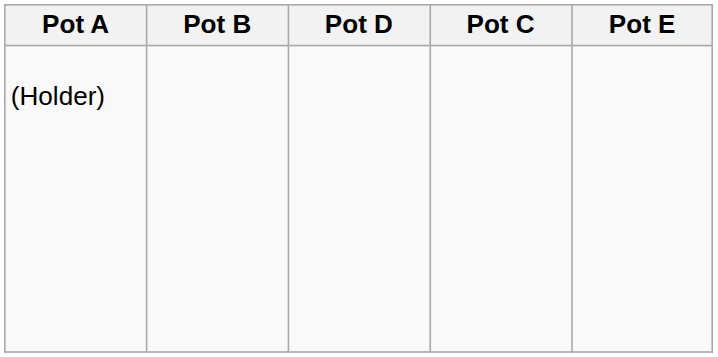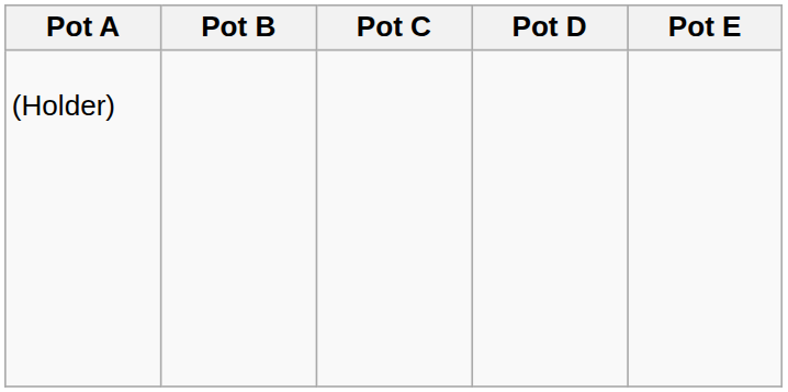 <table class="wikitable">
 <tr>
 <th width=15%>Pot A</th>
 <th width=15%>Pot B</th>
+<th width=15%>Pot C</th>
 <th width=15%>Pot D</th>
-<th width=15%>Pot C</th>
 <th width=15%>Pot E</th>
 </tr>
 <tr valign="top">
 <td><br> (Holder)<br> <br> <br> <br> <br> <br> </td>
 <td><br><br> <br> <br> <br> <br> <br> </td>
 <td><br><br> <br> <br> <br> <br> <br> </td>
 <td><br><br> <br> <br> <br> <br> <br> </td>
 <td><br><br> <br> <br> <br> <br> <br> <br> <br> <br> </td>
 </tr>
 </table>
